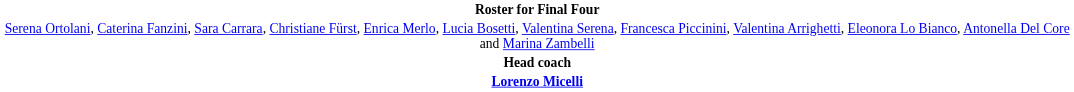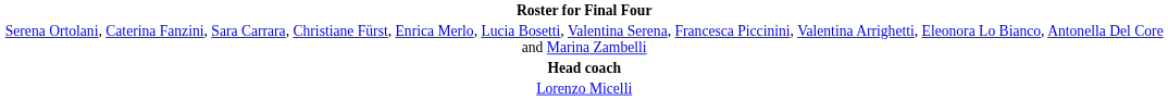 <table style="text-align: center; margin-top: 2em; margin-left: auto; margin-right: auto">
 <tr>
 <td><strong>Roster for Final Four</strong></td>
 </tr>
 <tr>
 <td><a href='#'>Serena Ortolani</a>, <a href='#'>Caterina Fanzini</a>, <a href='#'>Sara Carrara</a>, <a href='#'>Christiane Fürst</a>, <a href='#'>Enrica Merlo</a>, <a href='#'>Lucia Bosetti</a>, <a href='#'>Valentina Serena</a>, <a href='#'>Francesca Piccinini</a>, <a href='#'>Valentina Arrighetti</a>, <a href='#'>Eleonora Lo Bianco</a>, <a href='#'>Antonella Del Core</a> and <a href='#'>Marina Zambelli</a></td>
 </tr>
 <tr>
 <td><strong>Head coach</strong></td>
 </tr>
 <tr>
-<td><strong><a href='#'>Lorenzo Micelli</a></strong></td>
+<td><a href='#'>Lorenzo Micelli</a></td>
 </tr>
 </table>
